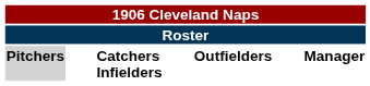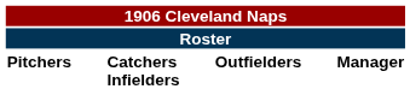 <table class="toccolours" style="font-size: 95%;">
 <tr>
 <th colspan="10" style="background-color: #990000; color: white; text-align: center;">1906 Cleveland Naps</th>
 </tr>
 <tr>
 <td colspan="10" style="background-color: #023456; color: white; text-align: center;"><strong>Roster</strong></td>
 </tr>
 <tr>
-<td valign="top" style="background: lightgrey;"><strong>Pitchers</strong><br>       </td>
+<td valign="top"><strong>Pitchers</strong><br>       </td>
 <td width="25px"></td>
 <td valign="top"><strong>Catchers</strong><br>    <strong>Infielders</strong>       </td>
 <td width="25px"></td>
 <td valign="top"><strong>Outfielders</strong><br>     </td>
 <td width="25px"></td>
 <td valign="top"><strong>Manager</strong><br></td>
 </tr>
 </table>
